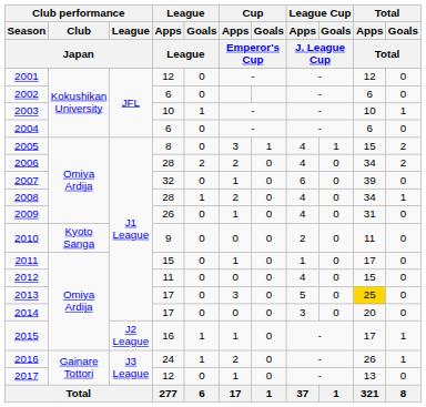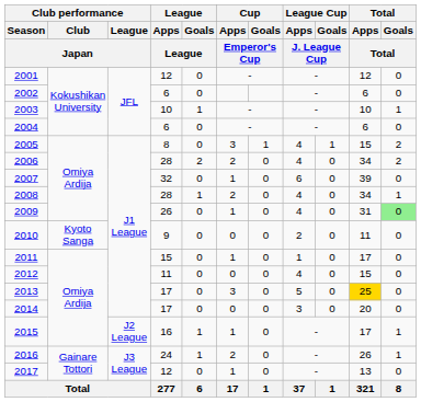 <table class="wikitable" style="text-align:center;">
 <tr>
 <th colspan=3>Club performance</th>
 <th colspan=2>League</th>
 <th colspan=2>Cup</th>
 <th colspan=2>League Cup</th>
 <th colspan=2>Total</th>
 </tr>
 <tr>
 <th>Season</th>
 <th>Club</th>
 <th>League</th>
 <th>Apps</th>
 <th>Goals</th>
 <th>Apps</th>
 <th>Goals</th>
 <th>Apps</th>
 <th>Goals</th>
 <th>Apps</th>
 <th>Goals</th>
 </tr>
 <tr>
 <th colspan=3>Japan</th>
 <th colspan=2>League</th>
 <th colspan=2><a href='#'>Emperor's Cup</a></th>
 <th colspan=2><a href='#'>J. League Cup</a></th>
 <th colspan=2>Total</th>
 </tr>
 <tr>
 <td><a href='#'>2001</a></td>
 <td rowspan="4"><a href='#'>Kokushikan University</a></td>
 <td rowspan="4"><a href='#'>JFL</a></td>
 <td>12</td>
 <td>0</td>
 <td colspan="2">-</td>
 <td colspan="2">-</td>
 <td>12</td>
 <td>0</td>
 </tr>
 <tr>
 <td><a href='#'>2002</a></td>
 <td>6</td>
 <td>0</td>
 <td></td>
 <td></td>
 <td colspan="2">-</td>
 <td>6</td>
 <td>0</td>
 </tr>
 <tr>
 <td><a href='#'>2003</a></td>
 <td>10</td>
 <td>1</td>
 <td colspan="2">-</td>
 <td colspan="2">-</td>
 <td>10</td>
 <td>1</td>
 </tr>
 <tr>
 <td><a href='#'>2004</a></td>
 <td>6</td>
 <td>0</td>
 <td colspan="2">-</td>
 <td colspan="2">-</td>
 <td>6</td>
 <td>0</td>
 </tr>
 <tr>
 <td><a href='#'>2005</a></td>
 <td rowspan="5"><a href='#'>Omiya Ardija</a></td>
 <td rowspan="10"><a href='#'>J1 League</a></td>
 <td>8</td>
 <td>0</td>
 <td>3</td>
 <td>1</td>
 <td>4</td>
 <td>1</td>
 <td>15</td>
 <td>2</td>
 </tr>
 <tr>
 <td><a href='#'>2006</a></td>
 <td>28</td>
 <td>2</td>
 <td>2</td>
 <td>0</td>
 <td>4</td>
 <td>0</td>
 <td>34</td>
 <td>2</td>
 </tr>
 <tr>
 <td><a href='#'>2007</a></td>
 <td>32</td>
 <td>0</td>
 <td>1</td>
 <td>0</td>
 <td>6</td>
 <td>0</td>
 <td>39</td>
 <td>0</td>
 </tr>
 <tr>
 <td><a href='#'>2008</a></td>
 <td>28</td>
 <td>1</td>
 <td>2</td>
 <td>0</td>
 <td>4</td>
 <td>0</td>
 <td>34</td>
 <td>1</td>
 </tr>
 <tr>
 <td><a href='#'>2009</a></td>
 <td>26</td>
 <td>0</td>
 <td>1</td>
 <td>0</td>
 <td>4</td>
 <td>0</td>
 <td>31</td>
-<td>0</td>
+<td style="background: lightgreen;">0</td>
 </tr>
 <tr>
 <td><a href='#'>2010</a></td>
 <td><a href='#'>Kyoto Sanga</a></td>
 <td>9</td>
 <td>0</td>
 <td>0</td>
 <td>0</td>
 <td>2</td>
 <td>0</td>
 <td>11</td>
 <td>0</td>
 </tr>
 <tr>
 <td><a href='#'>2011</a></td>
 <td rowspan="5"><a href='#'>Omiya Ardija</a></td>
 <td>15</td>
 <td>0</td>
 <td>1</td>
 <td>0</td>
 <td>1</td>
 <td>0</td>
 <td>17</td>
 <td>0</td>
 </tr>
 <tr>
 <td><a href='#'>2012</a></td>
 <td>11</td>
 <td>0</td>
 <td>0</td>
 <td>0</td>
 <td>4</td>
 <td>0</td>
 <td>15</td>
 <td>0</td>
 </tr>
 <tr>
 <td><a href='#'>2013</a></td>
 <td>17</td>
 <td>0</td>
 <td>3</td>
 <td>0</td>
 <td>5</td>
 <td>0</td>
 <td style="background: gold;">25</td>
 <td>0</td>
 </tr>
 <tr>
 <td><a href='#'>2014</a></td>
 <td>17</td>
 <td>0</td>
 <td>0</td>
 <td>0</td>
 <td>3</td>
 <td>0</td>
 <td>20</td>
 <td>0</td>
 </tr>
 <tr>
 <td><a href='#'>2015</a></td>
 <td><a href='#'>J2 League</a></td>
 <td>16</td>
 <td>1</td>
 <td>1</td>
 <td>0</td>
 <td colspan="2">-</td>
 <td>17</td>
 <td>1</td>
 </tr>
 <tr>
 <td><a href='#'>2016</a></td>
 <td rowspan="2"><a href='#'>Gainare Tottori</a></td>
 <td rowspan="2"><a href='#'>J3 League</a></td>
 <td>24</td>
 <td>1</td>
 <td>2</td>
 <td>0</td>
 <td colspan="2">-</td>
 <td>26</td>
 <td>1</td>
 </tr>
 <tr>
 <td><a href='#'>2017</a></td>
 <td>12</td>
 <td>0</td>
 <td>1</td>
 <td>0</td>
 <td colspan="2">-</td>
 <td>13</td>
 <td>0</td>
 </tr>
 <tr>
 <th colspan=3>Total</th>
 <th>277</th>
 <th>6</th>
 <th>17</th>
 <th>1</th>
 <th>37</th>
 <th>1</th>
 <th>321</th>
 <th>8</th>
 </tr>
 </table>
